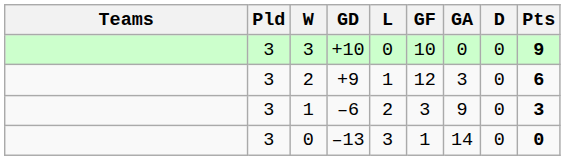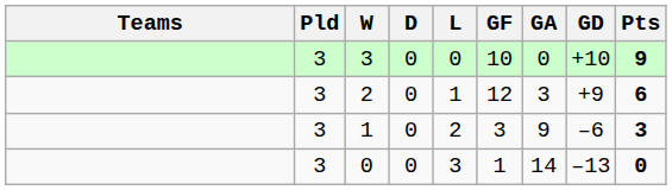 <table class="wikitable" style="text-align: center;">
 <tr>
 <th width=165>Teams</th>
 <th width=20>Pld</th>
 <th width=20>W</th>
-<th width=20>GD</th>
+<th width=20>D</th>
 <th width=20>L</th>
 <th width=20>GF</th>
 <th width=20>GA</th>
-<th width=20>D</th>
+<th width=20>GD</th>
 <th width=20>Pts</th>
 </tr>
 <tr align=center style="background:#ccffcc;">
 <td style="text-align:left;"></td>
 <td>3</td>
 <td>3</td>
-<td>+10</td>
+<td>0</td>
 <td>0</td>
 <td>10</td>
 <td>0</td>
-<td>0</td>
+<td>+10</td>
 <td><strong>9</strong></td>
 </tr>
 <tr align=center>
 <td style="text-align:left;"></td>
 <td>3</td>
 <td>2</td>
-<td>+9</td>
+<td>0</td>
 <td>1</td>
 <td>12</td>
 <td>3</td>
-<td>0</td>
+<td>+9</td>
 <td><strong>6</strong></td>
 </tr>
 <tr align=center>
 <td style="text-align:left;"></td>
 <td>3</td>
 <td>1</td>
-<td>–6</td>
+<td>0</td>
 <td>2</td>
 <td>3</td>
 <td>9</td>
-<td>0</td>
+<td>–6</td>
 <td><strong>3</strong></td>
 </tr>
 <tr align=center>
 <td style="text-align:left;"></td>
 <td>3</td>
 <td>0</td>
-<td>–13</td>
+<td>0</td>
 <td>3</td>
 <td>1</td>
 <td>14</td>
-<td>0</td>
+<td>–13</td>
 <td><strong>0</strong></td>
 </tr>
 </table>
